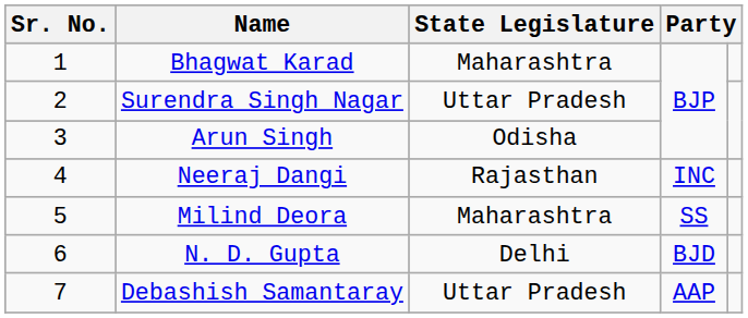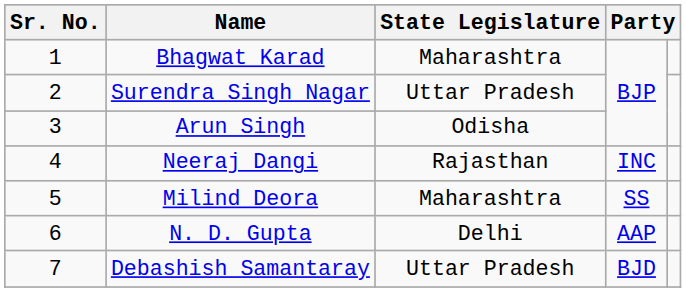 <table class="wikitable">
 <tr>
 <th>Sr. No.</th>
 <th>Name</th>
 <th>State Legislature</th>
 <th colspan="2">Party</th>
 </tr>
 <tr align="center">
 <td>1</td>
 <td><a href='#'>Bhagwat Karad</a></td>
 <td>Maharashtra</td>
 <td rowspan="3"><a href='#'>BJP</a></td>
 <td></td>
 </tr>
 <tr align="center">
 <td>2</td>
 <td><a href='#'>Surendra Singh Nagar</a></td>
 <td>Uttar Pradesh</td>
 </tr>
 <tr align="center">
 <td>3</td>
 <td><a href='#'>Arun Singh</a></td>
 <td>Odisha</td>
 </tr>
 <tr align="center">
 <td>4</td>
 <td><a href='#'>Neeraj Dangi</a></td>
 <td>Rajasthan</td>
 <td><a href='#'>INC</a></td>
 <td></td>
 </tr>
 <tr align="center">
 <td>5</td>
 <td><a href='#'>Milind Deora</a></td>
 <td>Maharashtra</td>
 <td><a href='#'>SS</a></td>
 <td></td>
 </tr>
 <tr align="center">
 <td>6</td>
 <td><a href='#'>N. D. Gupta</a></td>
 <td>Delhi</td>
-<td><a href='#'>BJD</a></td>
+<td><a href='#'>AAP</a></td>
 <td></td>
 </tr>
 <tr align="center">
 <td>7</td>
 <td><a href='#'>Debashish Samantaray</a></td>
 <td>Uttar Pradesh</td>
-<td><a href='#'>AAP</a></td>
+<td><a href='#'>BJD</a></td>
 <td></td>
 </tr>
 </table>
